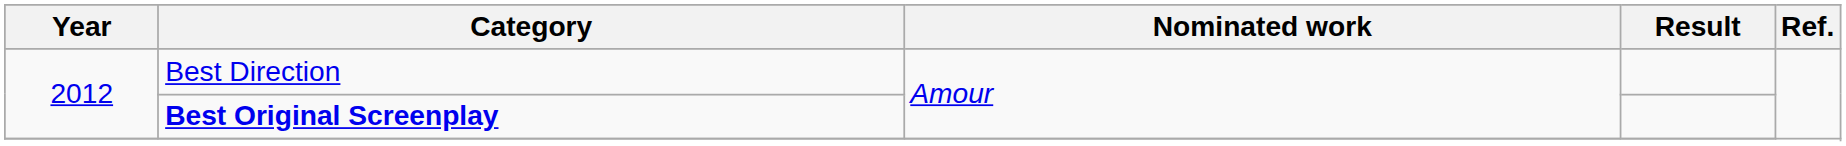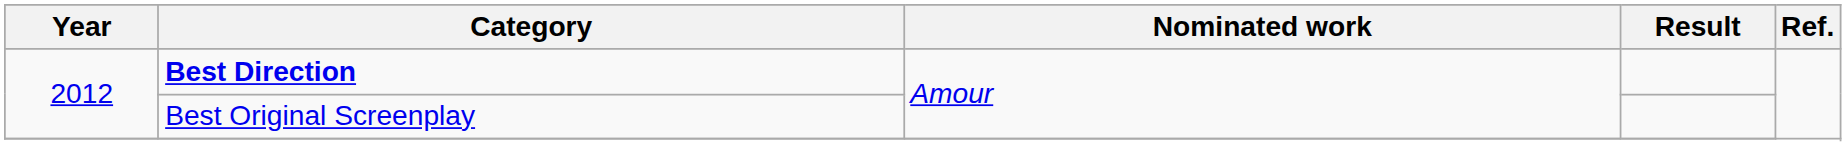 <table class=wikitable>
 <tr>
 <th scope="col" style="width:5em;">Year</th>
 <th scope="col" style="width:26em;">Category</th>
 <th scope="col" style="width:25em;">Nominated work</th>
 <th scope="col" style="width:5em;">Result</th>
 <th>Ref.</th>
 </tr>
 <tr>
 <td style="text-align:center;", rowspan=2><a href='#'>2012</a></td>
-<td><a href='#'>Best Direction</a></td>
+<td><strong><a href='#'>Best Direction</a></strong></td>
 <td rowspan=2><em><a href='#'>Amour</a></em></td>
 <td></td>
 <td rowspan=3></td>
 </tr>
 <tr>
-<td><strong><a href='#'>Best Original Screenplay</a></strong></td>
+<td><a href='#'>Best Original Screenplay</a></td>
 <td></td>
 </tr>
 <tr>
 </tr>
 </table>
